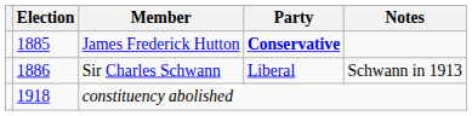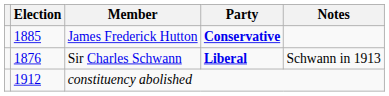 <table class="wikitable">
 <tr>
 <th></th>
 <th>Election</th>
 <th>Member </th>
 <th>Party</th>
 <th>Notes</th>
 </tr>
 <tr>
 <td style="color:inherit;background: "></td>
 <td><a href='#'>1885</a></td>
 <td><a href='#'>James Frederick Hutton</a></td>
 <td><strong><a href='#'>Conservative</a></strong></td>
 </tr>
 <tr>
 <td style="color:inherit;background: "></td>
-<td><a href='#'>1886</a></td>
+<td><a href='#'>1876</a></td>
 <td>Sir <a href='#'>Charles Schwann</a></td>
-<td><a href='#'>Liberal</a></td>
+<td><strong><a href='#'>Liberal</a></strong></td>
 <td>Schwann  in 1913</td>
 </tr>
 <tr>
 <td></td>
-<td><a href='#'>1918</a></td>
+<td><a href='#'>1912</a></td>
 <td colspan="3"><em>constituency abolished</em></td>
 </tr>
 </table>
